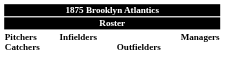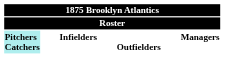 <table class="toccolours" style="font-size: 95%;">
 <tr>
 <th colspan="10" style="background-color: black; color:white; text-align: center;">1875 Brooklyn Atlantics</th>
 </tr>
 <tr>
 <td colspan="10" style="background-color:black; color: white; text-align: center;"><strong>Roster</strong></td>
 </tr>
 <tr>
-<td valign="top"><strong>Pitchers</strong><br>   <strong>Catchers</strong>    </td>
+<td valign="top" style="background: paleturquoise;"><strong>Pitchers</strong><br>   <strong>Catchers</strong>    </td>
 <td width="25px"></td>
 <td valign="top"><strong>Infielders</strong><br>             </td>
 <td width="25px"></td>
 <td valign="top"><br><strong>Outfielders</strong>               </td>
 <td width="25px"></td>
 <td valign="top"><strong>Managers</strong><br> </td>
 </tr>
 </table>
